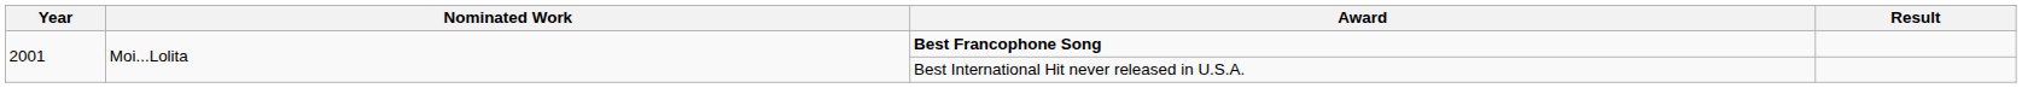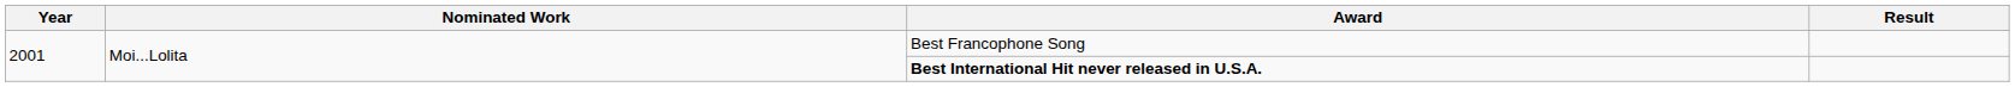 <table class="wikitable" width=100%>
 <tr>
 <th width=5%>Year</th>
 <th width=40%>Nominated Work</th>
 <th width=45%>Award</th>
 <th width=10%>Result</th>
 </tr>
 <tr>
 <td rowspan="2">2001</td>
 <td rowspan="2">Moi...Lolita</td>
-<td><strong>Best Francophone Song</strong></td>
+<td>Best Francophone Song</td>
 <td></td>
 </tr>
 <tr>
-<td>Best International Hit never released in U.S.A.</td>
+<td><strong>Best International Hit never released in U.S.A.</strong></td>
 <td></td>
 </tr>
 </table>
